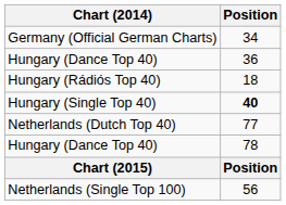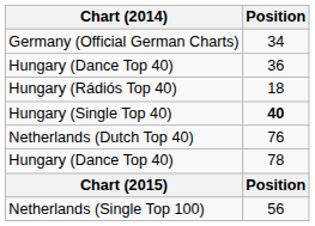 <table class="wikitable sortable plainrowheaders">
 <tr>
 <th>Chart (2014)</th>
 <th>Position</th>
 </tr>
 <tr>
 <td>Germany (Official German Charts)</td>
 <td style="text-align:center;">34</td>
 </tr>
 <tr>
 <td>Hungary (Dance Top 40)</td>
 <td style="text-align:center;">36</td>
 </tr>
 <tr>
 <td>Hungary (Rádiós Top 40)</td>
 <td style="text-align:center;">18</td>
 </tr>
 <tr>
 <td>Hungary (Single Top 40)</td>
 <td style="text-align:center;"><strong>40</strong></td>
 </tr>
 <tr>
 <td>Netherlands (Dutch Top 40)</td>
-<td style="text-align:center;">77</td>
+<td style="text-align:center;">76</td>
 </tr>
 <tr>
 <td>Hungary (Dance Top 40)</td>
 <td style="text-align:center;">78</td>
 </tr>
 <tr>
 <th>Chart (2015)</th>
 <th>Position</th>
 </tr>
 <tr>
 <td>Netherlands (Single Top 100)</td>
 <td style="text-align:center;">56</td>
 </tr>
 </table>
